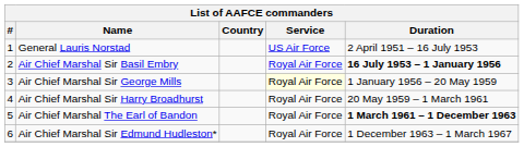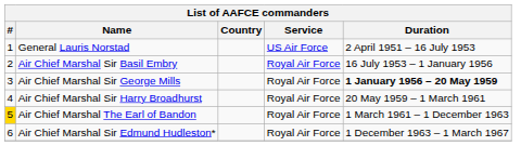 <table class="wikitable">
 <tr>
 <th colspan=5>List of AAFCE commanders</th>
 </tr>
 <tr>
 <th>#</th>
 <th>Name</th>
 <th>Country</th>
 <th>Service</th>
 <th>Duration</th>
 </tr>
 <tr>
 <td>1</td>
 <td>General <a href='#'>Lauris Norstad</a></td>
 <td></td>
 <td><a href='#'>US Air Force</a></td>
 <td>2 April 1951 – 16 July 1953</td>
 </tr>
 <tr>
 <td>2</td>
 <td><a href='#'>Air Chief Marshal</a> Sir <a href='#'>Basil Embry</a></td>
 <td></td>
 <td><a href='#'>Royal Air Force</a></td>
-<td><strong>16 July 1953 – 1 January 1956</strong></td>
+<td>16 July 1953 – 1 January 1956</td>
 </tr>
 <tr>
 <td>3</td>
 <td>Air Chief Marshal Sir <a href='#'>George Mills</a></td>
 <td></td>
-<td style="background: lightyellow;">Royal Air Force</td>
-<td>1 January 1956 – 20 May 1959</td>
+<td>Royal Air Force</td>
+<td><strong>1 January 1956 – 20 May 1959</strong></td>
 </tr>
 <tr>
 <td>4</td>
 <td>Air Chief Marshal Sir <a href='#'>Harry Broadhurst</a></td>
 <td></td>
 <td>Royal Air Force</td>
 <td>20 May 1959 – 1 March 1961</td>
 </tr>
 <tr>
-<td>5</td>
+<td style="background: gold;">5</td>
 <td>Air Chief Marshal <a href='#'>The Earl of Bandon</a></td>
 <td></td>
 <td>Royal Air Force</td>
-<td><strong>1 March 1961 – 1 December 1963</strong></td>
+<td>1 March 1961 – 1 December 1963</td>
 </tr>
 <tr>
 <td>6</td>
 <td>Air Chief Marshal Sir <a href='#'>Edmund Hudleston</a>*</td>
 <td></td>
 <td>Royal Air Force</td>
 <td>1 December 1963 – 1 March 1967</td>
 </tr>
 <tr>
 </tr>
 </table>
